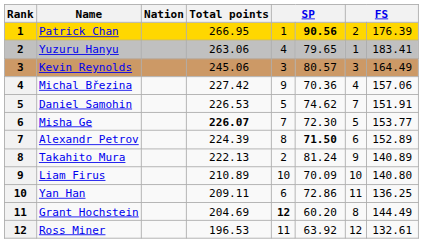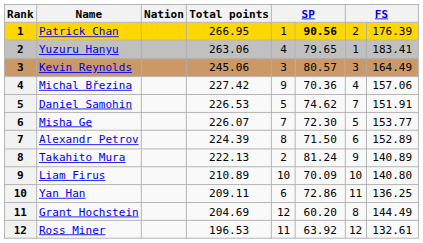 <table class="wikitable sortable">
 <tr>
 <th>Rank</th>
 <th>Name</th>
 <th>Nation</th>
 <th>Total points</th>
 <th colspan="2" width="80px"><a href='#'>SP</a></th>
 <th colspan="2" width="80px"><a href='#'>FS</a></th>
 </tr>
 <tr bgcolor="gold">
 <td align="center"><strong>1</strong></td>
 <td><a href='#'>Patrick Chan</a></td>
 <td></td>
 <td align="center">266.95</td>
 <td align="center">1</td>
 <td align="center"><strong>90.56</strong></td>
 <td align="center">2</td>
 <td align="center">176.39</td>
 </tr>
 <tr bgcolor="silver">
 <td align="center"><strong>2</strong></td>
 <td><a href='#'>Yuzuru Hanyu</a></td>
 <td></td>
 <td align="center">263.06</td>
 <td align="center">4</td>
 <td align="center">79.65</td>
 <td align="center">1</td>
 <td align="center">183.41</td>
 </tr>
 <tr bgcolor="cc9966">
 <td align="center"><strong>3</strong></td>
 <td><a href='#'>Kevin Reynolds</a></td>
 <td></td>
 <td align="center">245.06</td>
 <td align="center">3</td>
 <td align="center">80.57</td>
 <td align="center">3</td>
 <td align="center">164.49</td>
 </tr>
 <tr>
 <th>4</th>
 <td><a href='#'>Michal Březina</a></td>
 <td></td>
 <td align="center">227.42</td>
 <td align="center">9</td>
 <td align="center">70.36</td>
 <td align="center">4</td>
 <td align="center">157.06</td>
 </tr>
 <tr>
 <th>5</th>
 <td><a href='#'>Daniel Samohin</a></td>
 <td></td>
 <td align="center">226.53</td>
 <td align="center">5</td>
 <td align="center">74.62</td>
 <td align="center">7</td>
 <td align="center">151.91</td>
 </tr>
 <tr>
 <th>6</th>
 <td><a href='#'>Misha Ge</a></td>
 <td></td>
-<td align="center"><strong>226.07</strong></td>
+<td align="center">226.07</td>
 <td align="center">7</td>
 <td align="center">72.30</td>
 <td align="center">5</td>
 <td align="center">153.77</td>
 </tr>
 <tr>
 <th>7</th>
 <td><a href='#'>Alexandr Petrov</a></td>
 <td></td>
 <td align="center">224.39</td>
 <td align="center">8</td>
-<td align="center"><strong>71.50</strong></td>
+<td align="center">71.50</td>
 <td align="center">6</td>
 <td align="center">152.89</td>
 </tr>
 <tr>
 <th>8</th>
 <td><a href='#'>Takahito Mura</a></td>
 <td></td>
 <td align="center">222.13</td>
 <td align="center">2</td>
 <td align="center">81.24</td>
 <td align="center">9</td>
 <td align="center">140.89</td>
 </tr>
 <tr>
 <th>9</th>
 <td><a href='#'>Liam Firus</a></td>
 <td></td>
 <td align="center">210.89</td>
 <td align="center">10</td>
 <td align="center">70.09</td>
 <td align="center">10</td>
 <td align="center">140.80</td>
 </tr>
 <tr>
 <th>10</th>
 <td><a href='#'>Yan Han</a></td>
 <td></td>
 <td align="center">209.11</td>
 <td align="center">6</td>
 <td align="center">72.86</td>
 <td align="center">11</td>
 <td align="center">136.25</td>
 </tr>
 <tr>
 <th>11</th>
 <td><a href='#'>Grant Hochstein</a></td>
 <td></td>
 <td align="center">204.69</td>
-<td align="center"><strong>12</strong></td>
+<td align="center">12</td>
 <td align="center">60.20</td>
 <td align="center">8</td>
 <td align="center">144.49</td>
 </tr>
 <tr>
 <th>12</th>
 <td><a href='#'>Ross Miner</a></td>
 <td></td>
 <td align="center">196.53</td>
 <td align="center">11</td>
 <td align="center">63.92</td>
 <td align="center">12</td>
 <td align="center">132.61</td>
 </tr>
 </table>
